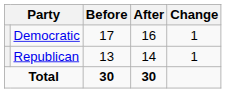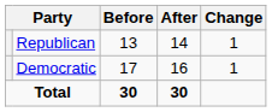 <table class="wikitable" style="text-align:center;">
 <tr>
 <th colspan="2">Party</th>
 <th>Before</th>
 <th>After</th>
 <th>Change</th>
 </tr>
 <tr>
 <th style="background-color:"></th>
-<td style="text-align:left;"><a href='#'>Democratic</a></td>
-<td>17</td>
-<td>16</td>
+<td style="text-align:left;"><a href='#'>Republican</a></td>
+<td>13</td>
+<td>14</td>
 <td> 1</td>
 </tr>
 <tr>
 <th style="background-color:"></th>
-<td style="text-align:left;"><a href='#'>Republican</a></td>
-<td>13</td>
-<td>14</td>
+<td style="text-align:left;"><a href='#'>Democratic</a></td>
+<td>17</td>
+<td>16</td>
 <td> 1</td>
 </tr>
 <tr>
 <td colspan="2"><strong>Total</strong></td>
 <td><strong>30</strong></td>
 <td><strong>30</strong></td>
 <td></td>
 </tr>
 </table>
